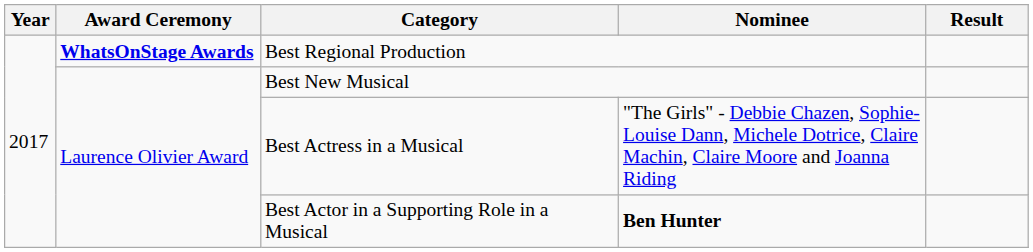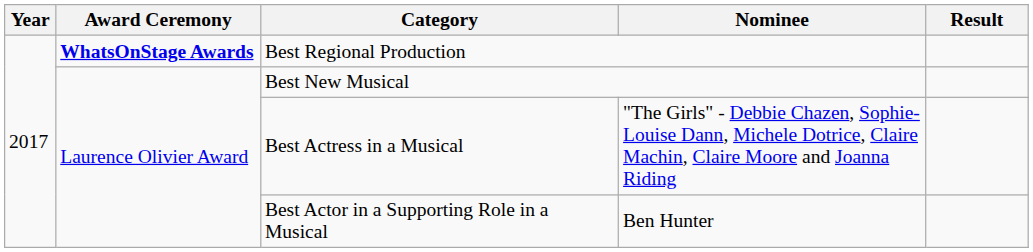 <table class="wikitable" width="95%">
 <tr>
 <th width="5%">Year</th>
 <th width="20%">Award Ceremony</th>
 <th width="35%">Category</th>
 <th width="30%">Nominee</th>
 <th width="10%">Result</th>
 </tr>
 <tr>
 <td rowspan="4">2017</td>
 <td rowspan="1"><strong><a href='#'>WhatsOnStage Awards</a></strong></td>
 <td rowspan="1" colspan="2">Best Regional Production</td>
 <td></td>
 </tr>
 <tr>
 <td rowspan="3"><a href='#'>Laurence Olivier Award</a></td>
 <td rowspan="1" colspan="2">Best New Musical</td>
 <td></td>
 </tr>
 <tr>
 <td rowspan="1">Best Actress in a Musical</td>
 <td rowspan="1">"The Girls" - <a href='#'>Debbie Chazen</a>, <a href='#'>Sophie-Louise Dann</a>, <a href='#'>Michele Dotrice</a>, <a href='#'>Claire Machin</a>, <a href='#'>Claire Moore</a> and <a href='#'>Joanna Riding</a></td>
 <td></td>
 </tr>
 <tr>
 <td rowspan="1">Best Actor in a Supporting Role in a Musical</td>
-<td rowspan="1"><strong>Ben Hunter</strong></td>
+<td rowspan="1">Ben Hunter</td>
 <td></td>
 </tr>
 </table>
